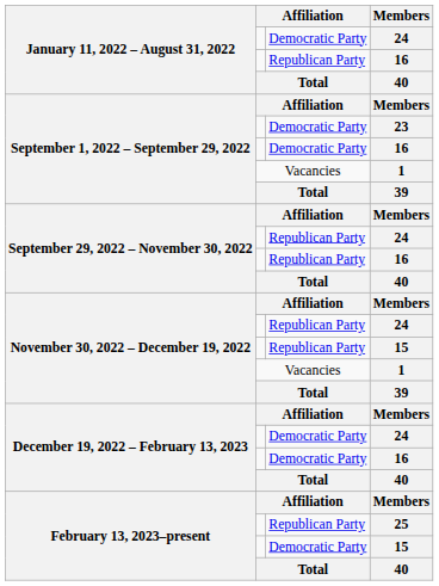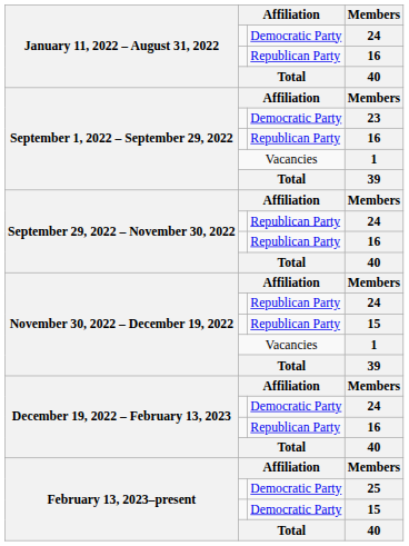 <table class="wikitable">
 <tr>
 <th rowspan=4>January 11, 2022 – August 31, 2022</th>
 <th colspan=2>Affiliation</th>
 <th>Members</th>
 </tr>
 <tr>
 <td style="background-color:"> </td>
 <td><a href='#'>Democratic Party</a></td>
 <th style="text-align:center;">24</th>
 </tr>
 <tr>
 <td style="background-color:"> </td>
 <td><a href='#'>Republican Party</a></td>
 <th style="text-align:center;">16</th>
 </tr>
 <tr>
 <th colspan=2 style="text-align:center;">Total</th>
 <th style="text-align:center;">40</th>
 </tr>
 <tr>
 <th rowspan=5>September 1, 2022 – September 29, 2022</th>
 <th colspan=2>Affiliation</th>
 <th>Members</th>
 </tr>
 <tr>
 <td style="background-color:"> </td>
 <td><a href='#'>Democratic Party</a></td>
 <th style="text-align:center;">23</th>
 </tr>
 <tr>
 <td style="background-color:"> </td>
-<td><a href='#'>Democratic Party</a></td>
+<td><a href='#'>Republican Party</a></td>
 <th style="text-align:center;">16</th>
 </tr>
 <tr>
 <td colspan=2 style="text-align:center;">Vacancies</td>
 <th>1</th>
 </tr>
 <tr>
 <th colspan=2 style="text-align:center;">Total</th>
 <th style="text-align:center;">39</th>
 </tr>
 <tr>
 <th rowspan=4>September 29, 2022 – November 30, 2022</th>
 <th colspan=2>Affiliation</th>
 <th>Members</th>
 </tr>
 <tr>
 <td style="background-color:"> </td>
 <td><a href='#'>Republican Party</a></td>
 <th style="text-align:center;">24</th>
 </tr>
 <tr>
 <td style="background-color:"> </td>
 <td><a href='#'>Republican Party</a></td>
 <th style="text-align:center;">16</th>
 </tr>
 <tr>
 <th colspan=2 style="text-align:center;">Total</th>
 <th style="text-align:center;">40</th>
 </tr>
 <tr>
 <th rowspan=5>November 30, 2022 – December 19, 2022</th>
 <th colspan=2>Affiliation</th>
 <th>Members</th>
 </tr>
 <tr>
 <td style="background-color:"> </td>
 <td><a href='#'>Republican Party</a></td>
 <th style="text-align:center;">24</th>
 </tr>
 <tr>
 <td style="background-color:"> </td>
 <td><a href='#'>Republican Party</a></td>
 <th style="text-align:center;">15</th>
 </tr>
 <tr>
 <td colspan=2 style="text-align:center;">Vacancies</td>
 <th>1</th>
 </tr>
 <tr>
 <th colspan=2 style="text-align:center;">Total</th>
 <th style="text-align:center;">39</th>
 </tr>
 <tr>
 <th rowspan=4>December 19, 2022 – February 13, 2023</th>
 <th colspan=2>Affiliation</th>
 <th>Members</th>
 </tr>
 <tr>
 <td style="background-color:"> </td>
 <td><a href='#'>Democratic Party</a></td>
 <th style="text-align:center;">24</th>
 </tr>
 <tr>
 <td style="background-color:"> </td>
-<td><a href='#'>Democratic Party</a></td>
+<td><a href='#'>Republican Party</a></td>
 <th style="text-align:center;">16</th>
 </tr>
 <tr>
 <th colspan=2 style="text-align:center;">Total</th>
 <th style="text-align:center;">40</th>
 </tr>
 <tr>
 <th rowspan=4>February 13, 2023–present</th>
 <th colspan=2>Affiliation</th>
 <th>Members</th>
 </tr>
 <tr>
 <td style="background-color:"> </td>
-<td><a href='#'>Republican Party</a></td>
+<td><a href='#'>Democratic Party</a></td>
 <th style="text-align:center;">25</th>
 </tr>
 <tr>
 <td style="background-color:"> </td>
 <td><a href='#'>Democratic Party</a></td>
 <th style="text-align:center;">15</th>
 </tr>
 <tr>
 <th colspan=2 style="text-align:center;">Total</th>
 <th style="text-align:center;">40</th>
 </tr>
 </table>
